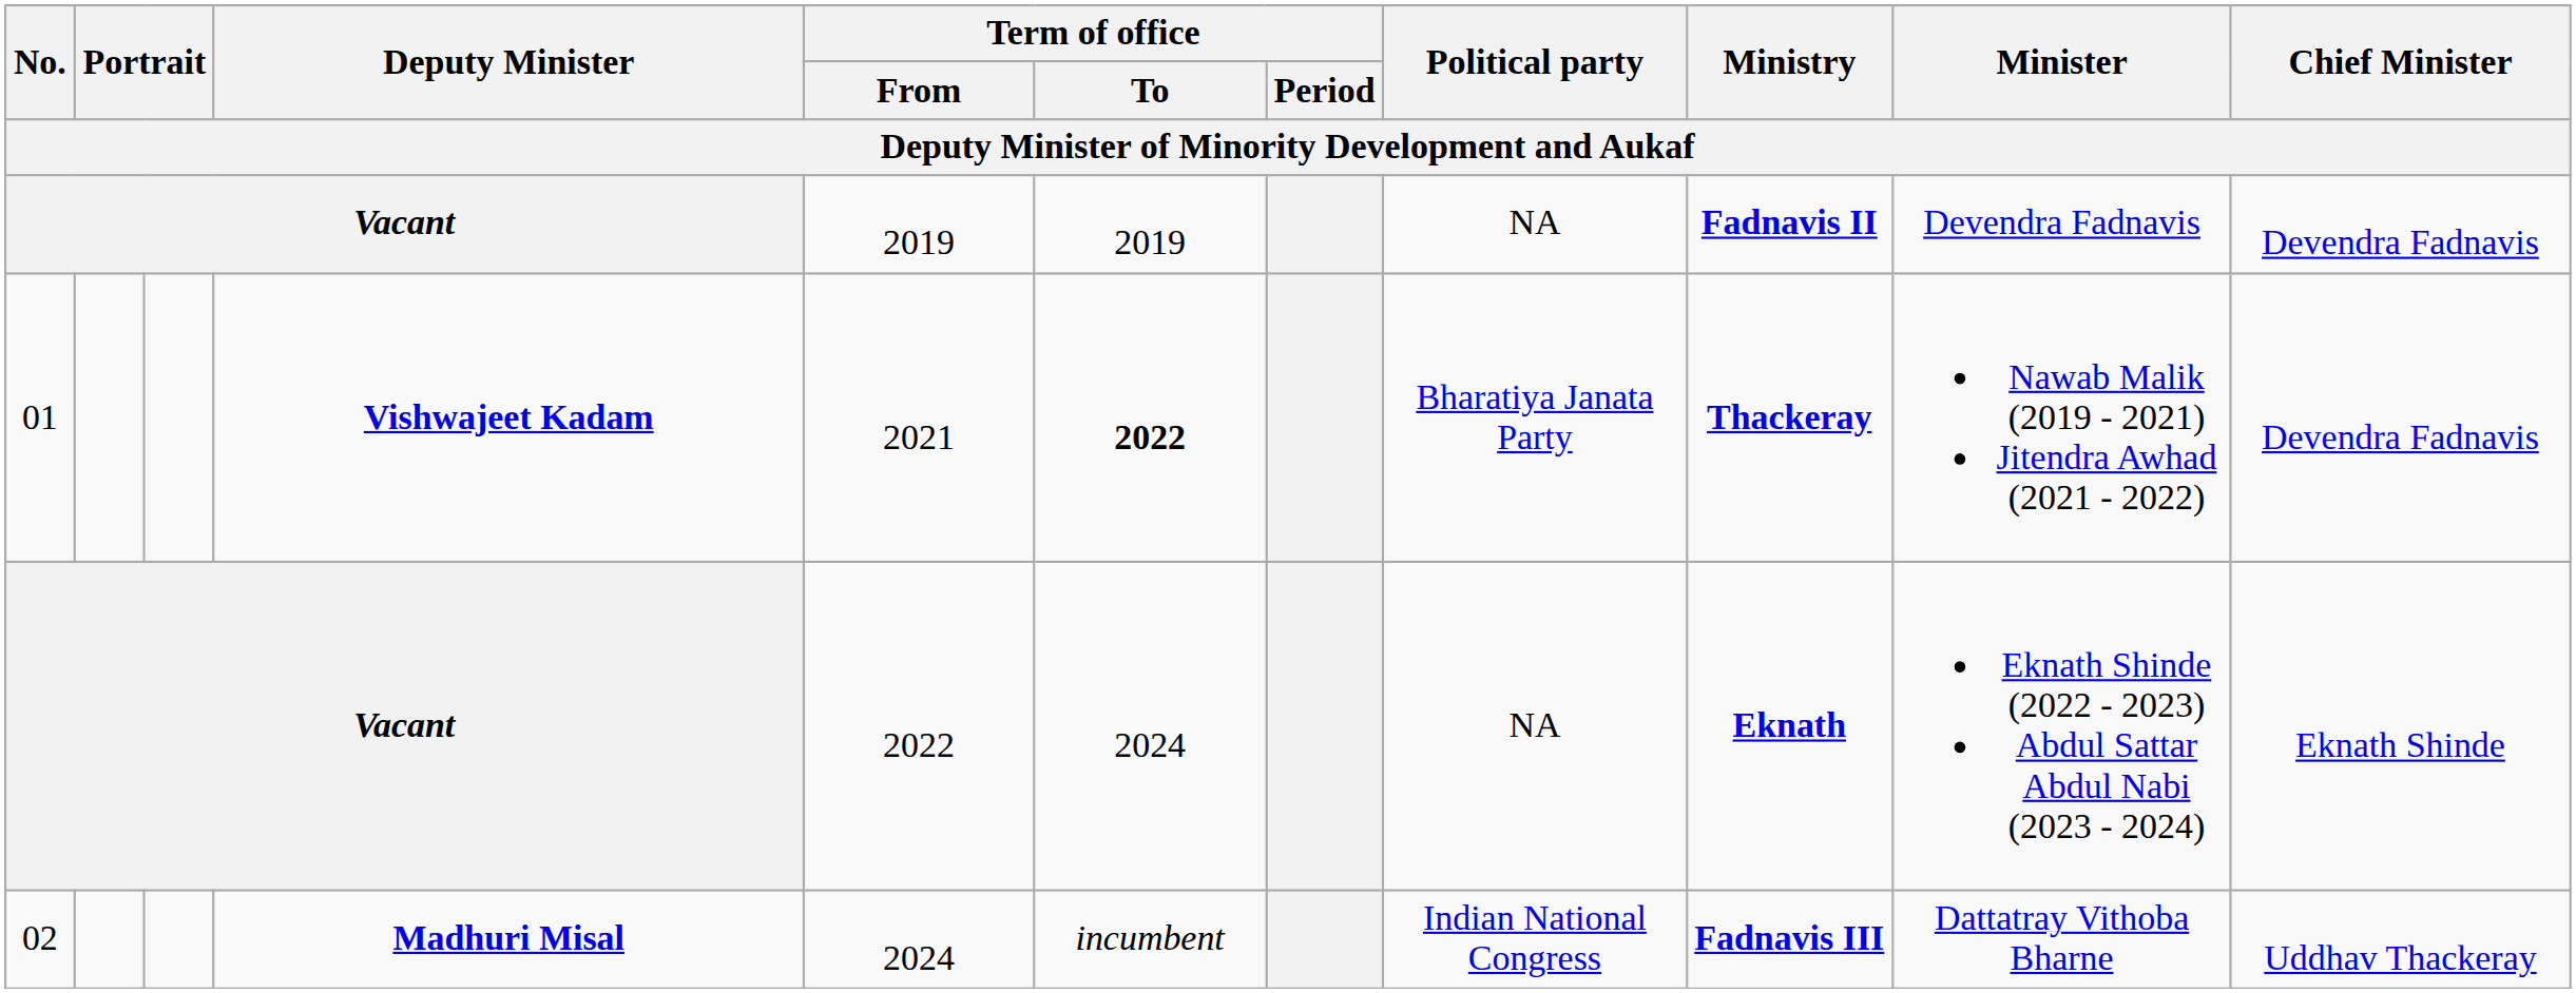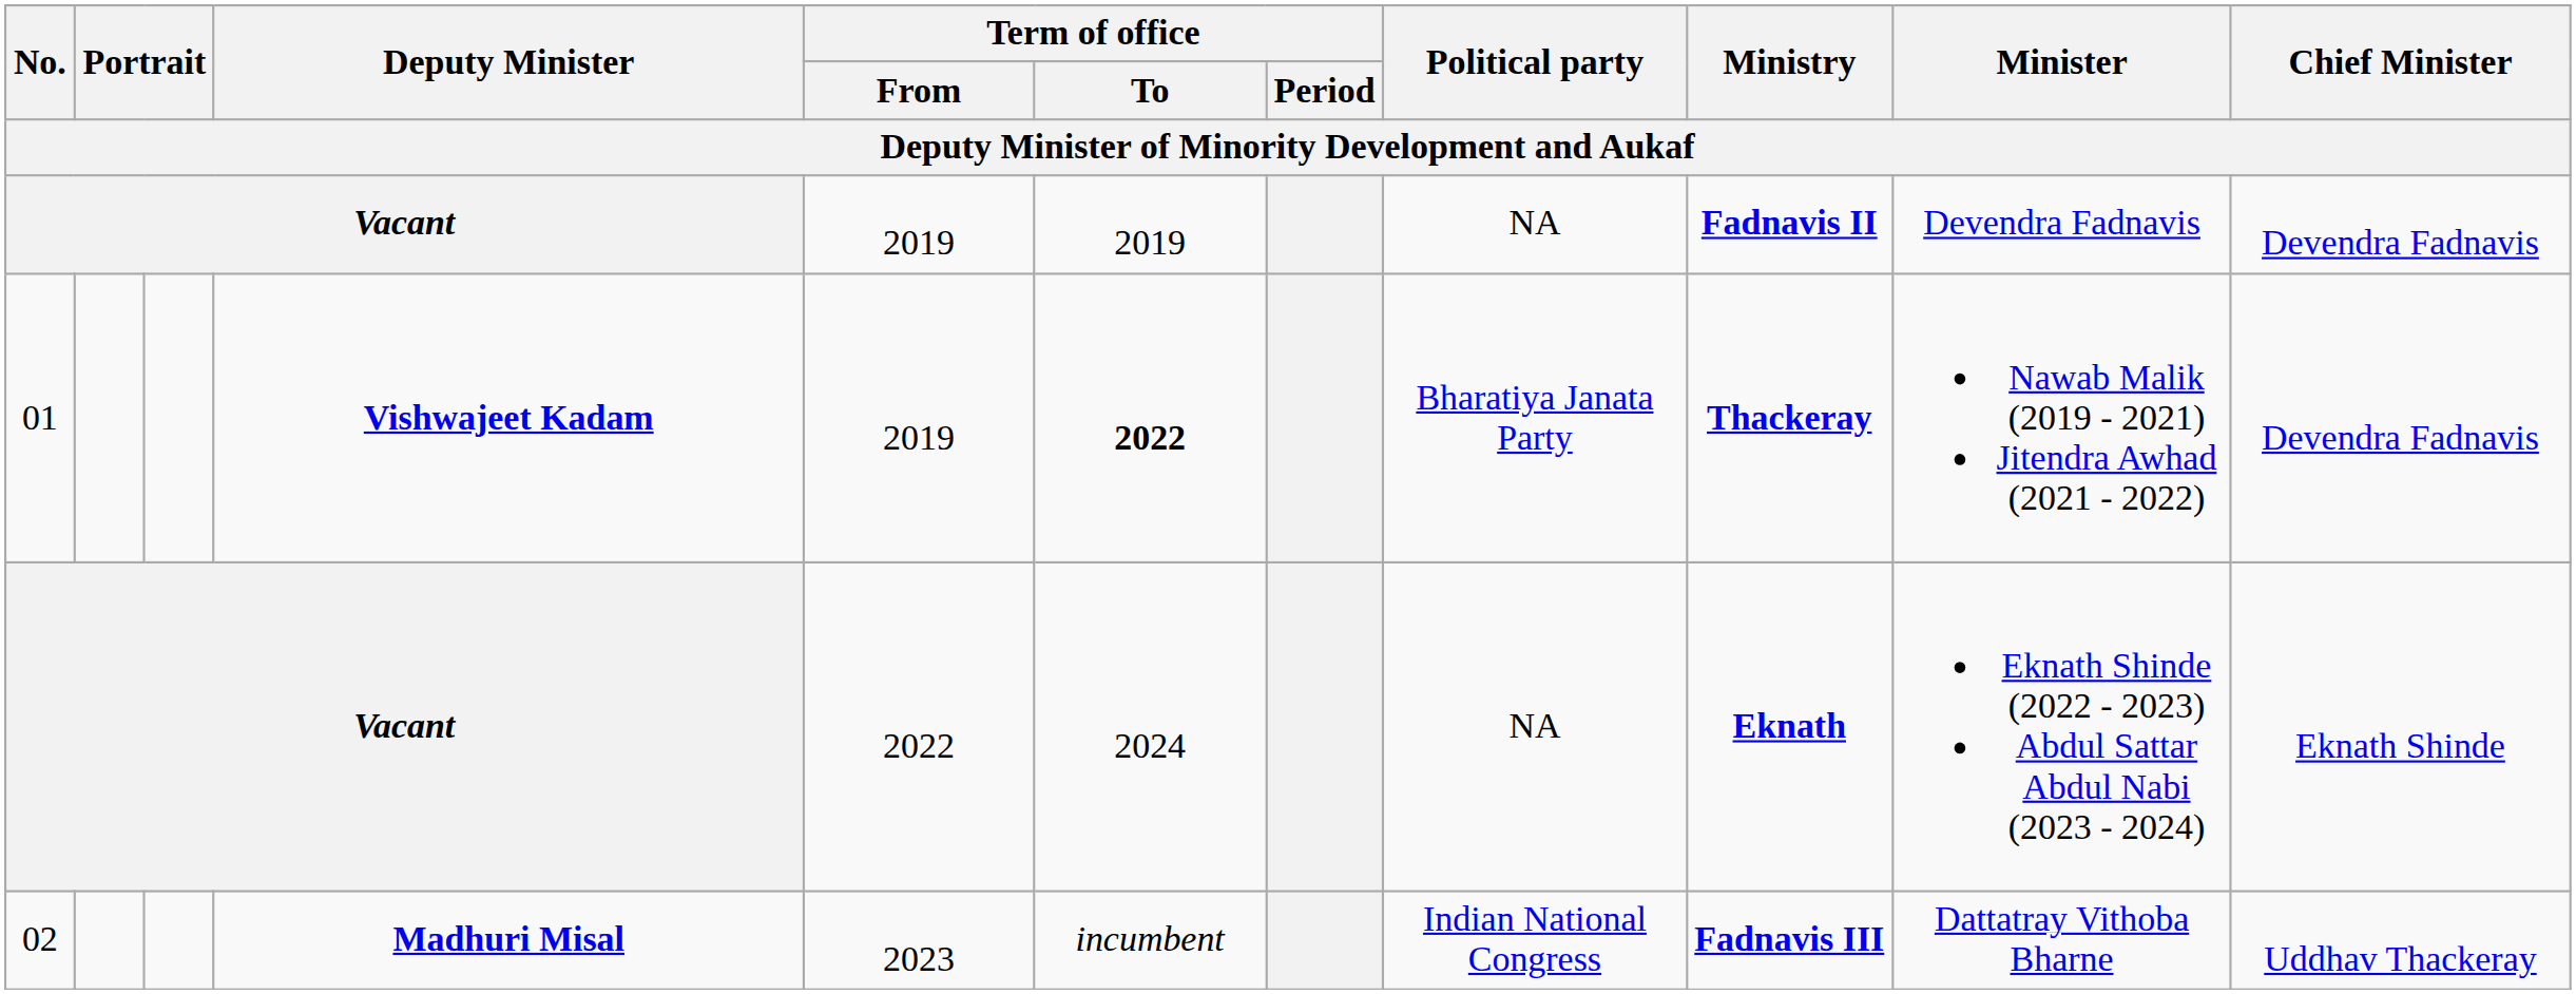 <table class="wikitable" style="text-align:center">
 <tr>
 <th rowspan="2">No.</th>
 <th rowspan="2" colspan="2">Portrait</th>
 <th rowspan="2" style="width:16em">Deputy Minister<br></th>
 <th colspan="3">Term of office</th>
 <th rowspan="2" style="width:8em">Political party</th>
 <th rowspan="2">Ministry</th>
 <th rowspan="2" style="width:9em">Minister</th>
 <th rowspan="2" style="width:9em">Chief Minister</th>
 </tr>
 <tr>
 <th style="width:6em">From</th>
 <th style="width:6em">To</th>
 <th>Period</th>
 </tr>
 <tr>
 <th colspan="11">Deputy Minister of Minority Development and Aukaf</th>
 </tr>
 <tr>
 <th colspan="04"><strong><em>Vacant</em></strong></th>
 <td><br>2019</td>
 <td><br>2019</td>
 <th></th>
 <td>NA</td>
 <td rowspan="1"><a href='#'><strong>Fadnavis II</strong></a></td>
 <td><a href='#'>Devendra Fadnavis</a></td>
 <td rowspan="1"> <br><a href='#'>Devendra Fadnavis</a></td>
 </tr>
 <tr>
 <td>01</td>
 <td style="color:inherit;background:"></td>
 <td></td>
 <td><strong><a href='#'>Vishwajeet Kadam</a></strong> <br> </td>
-<td><br>2021</td>
+<td><br>2019</td>
 <td><strong><br>2022</strong></td>
 <th></th>
 <td><a href='#'>Bharatiya Janata Party</a></td>
 <td rowspan="1"><a href='#'><strong>Thackeray</strong></a></td>
 <td><br><ul><li><a href='#'>Nawab Malik</a><br>(2019 - 2021)</li><li><a href='#'>Jitendra Awhad</a><br>(2021 - 2022)</li></ul></td>
 <td rowspan="1"> <br><a href='#'>Devendra Fadnavis</a></td>
 </tr>
 <tr>
 <th colspan="04"><strong><em>Vacant </em></strong></th>
 <td><br>2022</td>
 <td><br>2024</td>
 <th></th>
 <td>NA</td>
 <td rowspan="1"><a href='#'><strong>Eknath</strong></a></td>
 <td><br><ul><li><a href='#'>Eknath Shinde</a><br>(2022 - 2023)</li><li><a href='#'>Abdul Sattar Abdul Nabi</a><br> (2023 - 2024)</li></ul></td>
 <td rowspan="1"> <br><a href='#'>Eknath Shinde</a></td>
 </tr>
 <tr>
 <td>02</td>
 <td style="color:inherit;background:"></td>
 <td></td>
 <td><strong><a href='#'>Madhuri Misal</a></strong> <br> </td>
-<td><br>2024</td>
+<td><br>2023</td>
 <td><em>incumbent</em></td>
 <th></th>
 <td><a href='#'>Indian National Congress</a></td>
 <td rowspan="2"><a href='#'><strong>Fadnavis III</strong></a></td>
 <td rowspan="1"><a href='#'>Dattatray Vithoba Bharne</a></td>
 <td rowspan="1"> <br><a href='#'>Uddhav Thackeray</a></td>
 </tr>
 <tr>
 </tr>
 </table>
